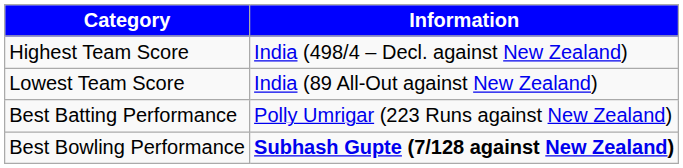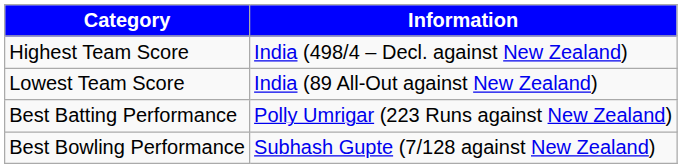 <table class="wikitable">
 <tr>
 <th style="background-color:blue;color:WHITE;">Category</th>
 <th style="background-color:blue;color:WHITE;">Information</th>
 </tr>
 <tr>
 <td>Highest Team Score</td>
 <td><a href='#'>India</a> (498/4 – Decl. against <a href='#'>New Zealand</a>)</td>
 </tr>
 <tr>
 <td>Lowest Team Score</td>
 <td><a href='#'>India</a> (89 All-Out against <a href='#'>New Zealand</a>)</td>
 </tr>
 <tr>
 <td>Best Batting Performance</td>
 <td><a href='#'>Polly Umrigar</a> (223 Runs against <a href='#'>New Zealand</a>)</td>
 </tr>
 <tr>
 <td>Best Bowling Performance</td>
-<td><strong><a href='#'>Subhash Gupte</a> (7/128 against <a href='#'>New Zealand</a>)</strong></td>
+<td><a href='#'>Subhash Gupte</a> (7/128 against <a href='#'>New Zealand</a>)</td>
 </tr>
 </table>
